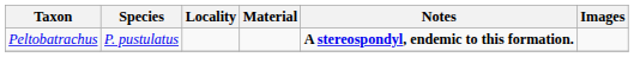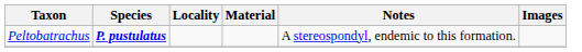 <table class="wikitable sortable">
 <tr>
 <th>Taxon</th>
 <th>Species</th>
 <th>Locality</th>
 <th class="unsortable">Material</th>
 <th class="unsortable">Notes</th>
 <th class="unsortable">Images</th>
 </tr>
 <tr>
 <td><em><a href='#'>Peltobatrachus</a></em></td>
-<td><em><a href='#'>P. pustulatus</a></em></td>
+<td><strong><em><a href='#'>P. pustulatus</a></em></strong></td>
 <td></td>
 <td></td>
-<td><strong>A <a href='#'>stereospondyl</a>, endemic to this formation.</strong></td>
+<td>A <a href='#'>stereospondyl</a>, endemic to this formation.</td>
 <td></td>
 </tr>
 <tr>
 </tr>
 </table>
